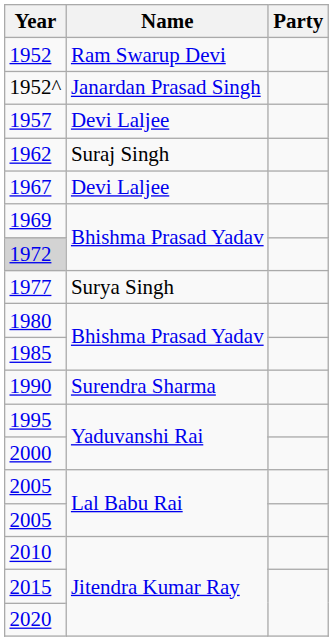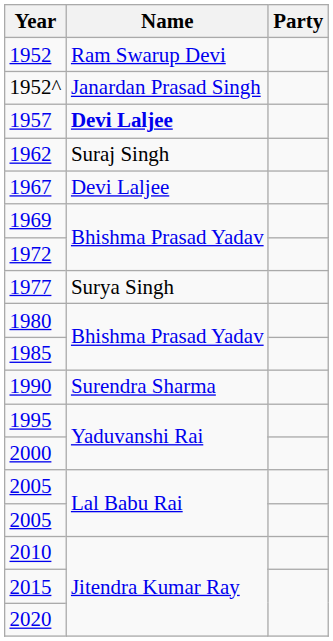 <table class="wikitable sortable">
 <tr>
 <th>Year</th>
 <th>Name</th>
 <th colspan="2">Party</th>
 </tr>
 <tr>
 <td><a href='#'>1952</a></td>
 <td><a href='#'>Ram Swarup Devi</a></td>
 <td></td>
 </tr>
 <tr>
 <td>1952^</td>
 <td><a href='#'>Janardan Prasad Singh</a></td>
 <td></td>
 </tr>
 <tr>
 <td><a href='#'>1957</a></td>
-<td><a href='#'>Devi Laljee</a></td>
+<td><strong><a href='#'>Devi Laljee</a></strong></td>
 </tr>
 <tr>
 <td><a href='#'>1962</a></td>
 <td>Suraj Singh</td>
 <td></td>
 </tr>
 <tr>
 <td><a href='#'>1967</a></td>
 <td><a href='#'>Devi Laljee</a></td>
 <td></td>
 </tr>
 <tr>
 <td><a href='#'>1969</a></td>
 <td rowspan="2"><a href='#'>Bhishma Prasad Yadav</a></td>
 <td></td>
 </tr>
 <tr>
-<td style="background: lightgrey;"><a href='#'>1972</a></td>
+<td><a href='#'>1972</a></td>
 </tr>
 <tr>
 <td><a href='#'>1977</a></td>
 <td>Surya Singh</td>
 <td></td>
 </tr>
 <tr>
 <td><a href='#'>1980</a></td>
 <td rowspan="2"><a href='#'>Bhishma Prasad Yadav</a></td>
 <td></td>
 </tr>
 <tr>
 <td><a href='#'>1985</a></td>
 <td></td>
 </tr>
 <tr>
 <td><a href='#'>1990</a></td>
 <td><a href='#'>Surendra Sharma</a></td>
 <td></td>
 </tr>
 <tr>
 <td><a href='#'>1995</a></td>
 <td rowspan="2"><a href='#'>Yaduvanshi Rai</a></td>
 <td></td>
 </tr>
 <tr>
 <td><a href='#'>2000</a></td>
 <td></td>
 </tr>
 <tr>
 <td><a href='#'>2005</a></td>
 <td rowspan="2"><a href='#'>Lal Babu Rai</a></td>
 <td></td>
 </tr>
 <tr>
 <td><a href='#'>2005</a></td>
 </tr>
 <tr>
 <td><a href='#'>2010</a></td>
 <td rowspan="3"><a href='#'>Jitendra Kumar Ray</a></td>
 <td></td>
 </tr>
 <tr>
 <td><a href='#'>2015</a></td>
 </tr>
 <tr>
 <td><a href='#'>2020</a></td>
 </tr>
 </table>
